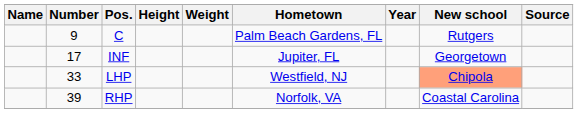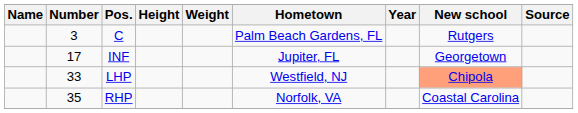 <table class="wikitable sortable" style="text-align: center">
 <tr>
 </tr>
 <tr>
 <th>Name</th>
 <th>Number</th>
 <th>Pos.</th>
 <th>Height</th>
 <th>Weight</th>
 <th>Hometown</th>
 <th>Year</th>
 <th>New school</th>
 <th>Source</th>
 </tr>
 <tr>
 <td></td>
-<td>9</td>
+<td>3</td>
 <td><a href='#'>C</a></td>
 <td></td>
 <td></td>
 <td><a href='#'>Palm Beach Gardens, FL</a></td>
 <td></td>
 <td><a href='#'>Rutgers</a></td>
 <td></td>
 </tr>
 <tr>
 <td></td>
 <td>17</td>
 <td><a href='#'>INF</a></td>
 <td></td>
 <td></td>
 <td><a href='#'>Jupiter, FL</a></td>
 <td></td>
 <td><a href='#'>Georgetown</a></td>
 <td></td>
 </tr>
 <tr>
 <td></td>
 <td>33</td>
 <td><a href='#'>LHP</a></td>
 <td></td>
 <td></td>
 <td><a href='#'>Westfield, NJ</a></td>
 <td></td>
 <td style="background: lightsalmon;"><a href='#'>Chipola</a></td>
 <td></td>
 </tr>
 <tr>
 <td></td>
-<td>39</td>
+<td>35</td>
 <td><a href='#'>RHP</a></td>
 <td></td>
 <td></td>
 <td><a href='#'>Norfolk, VA</a></td>
 <td></td>
 <td><a href='#'>Coastal Carolina</a></td>
 <td></td>
 </tr>
 <tr>
 </tr>
 </table>
